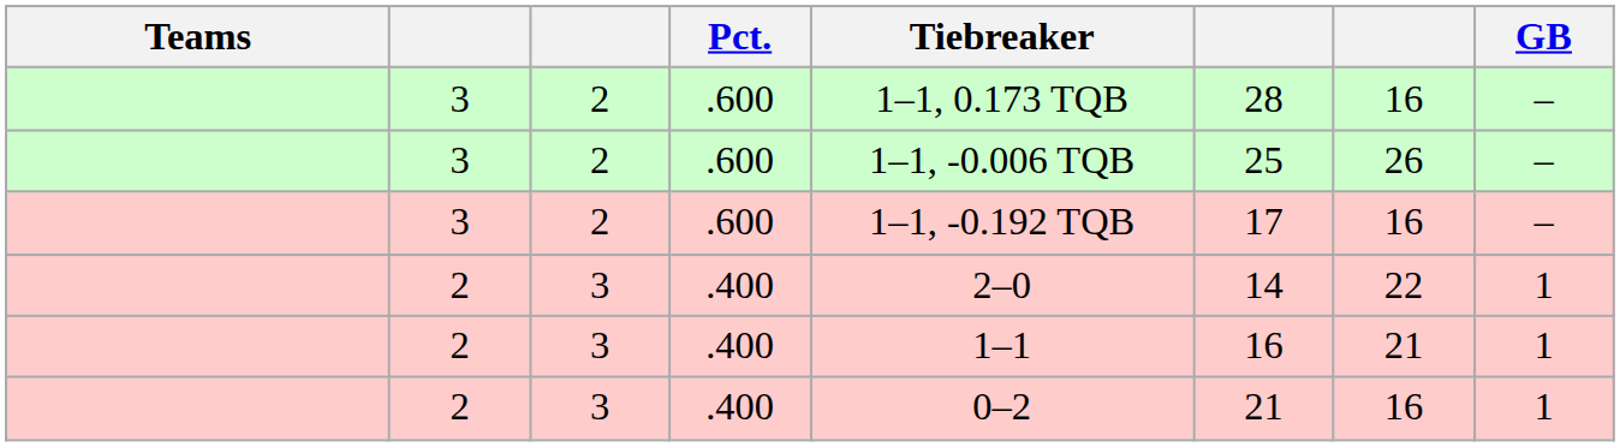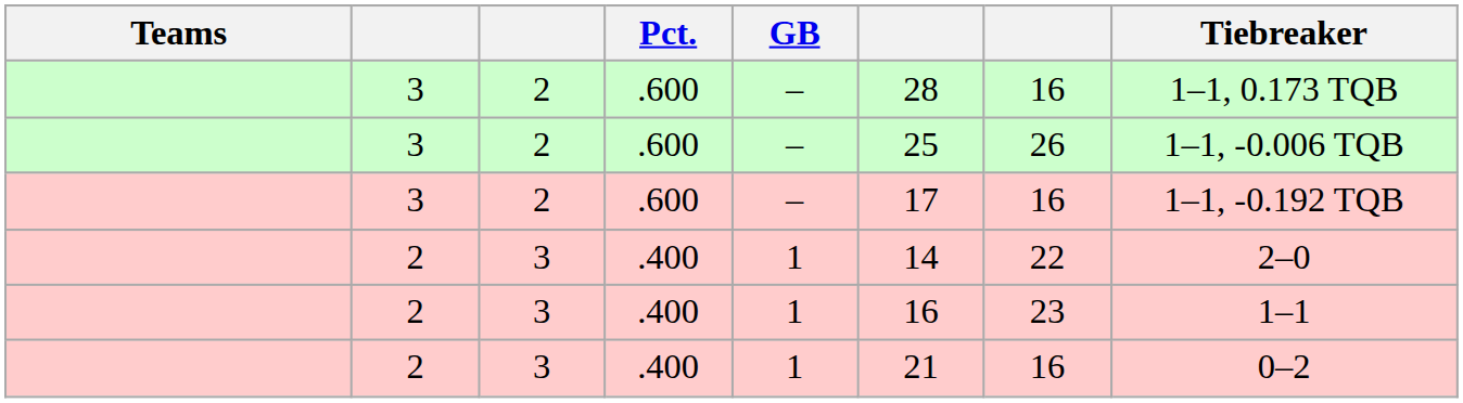 <table class="wikitable" style="text-align:center;">
 <tr>
 <th width=150px>Teams</th>
 <th width=50px></th>
 <th width=50px></th>
 <th width=50px><a href='#'>Pct.</a></th>
-<th width=150px>Tiebreaker</th>
+<th width=50px><a href='#'>GB</a></th>
 <th width=50px></th>
 <th width=50px></th>
-<th width=50px><a href='#'>GB</a></th>
+<th width=150px>Tiebreaker</th>
 </tr>
 <tr style="background-color:#cfc">
 <td align=left></td>
 <td>3</td>
 <td>2</td>
 <td>.600</td>
-<td>1–1, 0.173 TQB</td>
+<td>–</td>
 <td>28</td>
 <td>16</td>
-<td>–</td>
+<td>1–1, 0.173 TQB</td>
 </tr>
 <tr style="background-color:#cfc">
 <td align=left></td>
 <td>3</td>
 <td>2</td>
 <td>.600</td>
-<td>1–1, -0.006 TQB</td>
+<td>–</td>
 <td>25</td>
 <td>26</td>
-<td>–</td>
+<td>1–1, -0.006 TQB</td>
 </tr>
 <tr style="background-color:#fcc">
 <td align=left></td>
 <td>3</td>
 <td>2</td>
 <td>.600</td>
-<td>1–1, -0.192 TQB</td>
+<td>–</td>
 <td>17</td>
 <td>16</td>
-<td>–</td>
+<td>1–1, -0.192 TQB</td>
 </tr>
 <tr style="background-color:#fcc">
 <td align=left></td>
 <td>2</td>
 <td>3</td>
 <td>.400</td>
-<td>2–0</td>
+<td>1</td>
 <td>14</td>
 <td>22</td>
-<td>1</td>
+<td>2–0</td>
 </tr>
 <tr style="background-color:#fcc">
 <td align=left></td>
 <td>2</td>
 <td>3</td>
 <td>.400</td>
+<td>1</td>
+<td>16</td>
+<td>23</td>
 <td>1–1</td>
-<td>16</td>
-<td>21</td>
-<td>1</td>
 </tr>
 <tr style="background-color:#fcc">
 <td align=left></td>
 <td>2</td>
 <td>3</td>
 <td>.400</td>
-<td>0–2</td>
+<td>1</td>
 <td>21</td>
 <td>16</td>
-<td>1</td>
+<td>0–2</td>
 </tr>
 </table>
